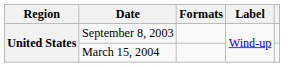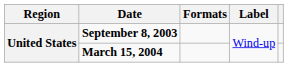 <table class="wikitable plainrowheaders">
 <tr>
 <th scope="col">Region</th>
 <th scope="col">Date</th>
 <th scope="col">Formats</th>
 <th scope="col">Label</th>
 <th scope="col"></th>
 </tr>
 <tr>
 <th scope="row" rowspan="2">United States</th>
-<td>September 8, 2003</td>
+<td><strong>September 8, 2003</strong></td>
 <td></td>
 <td rowspan="2"><a href='#'>Wind-up</a></td>
 <td align="center"></td>
 </tr>
 <tr>
-<td>March 15, 2004</td>
+<td><strong>March 15, 2004</strong></td>
 <td></td>
 <td align="center"></td>
 </tr>
 </table>
